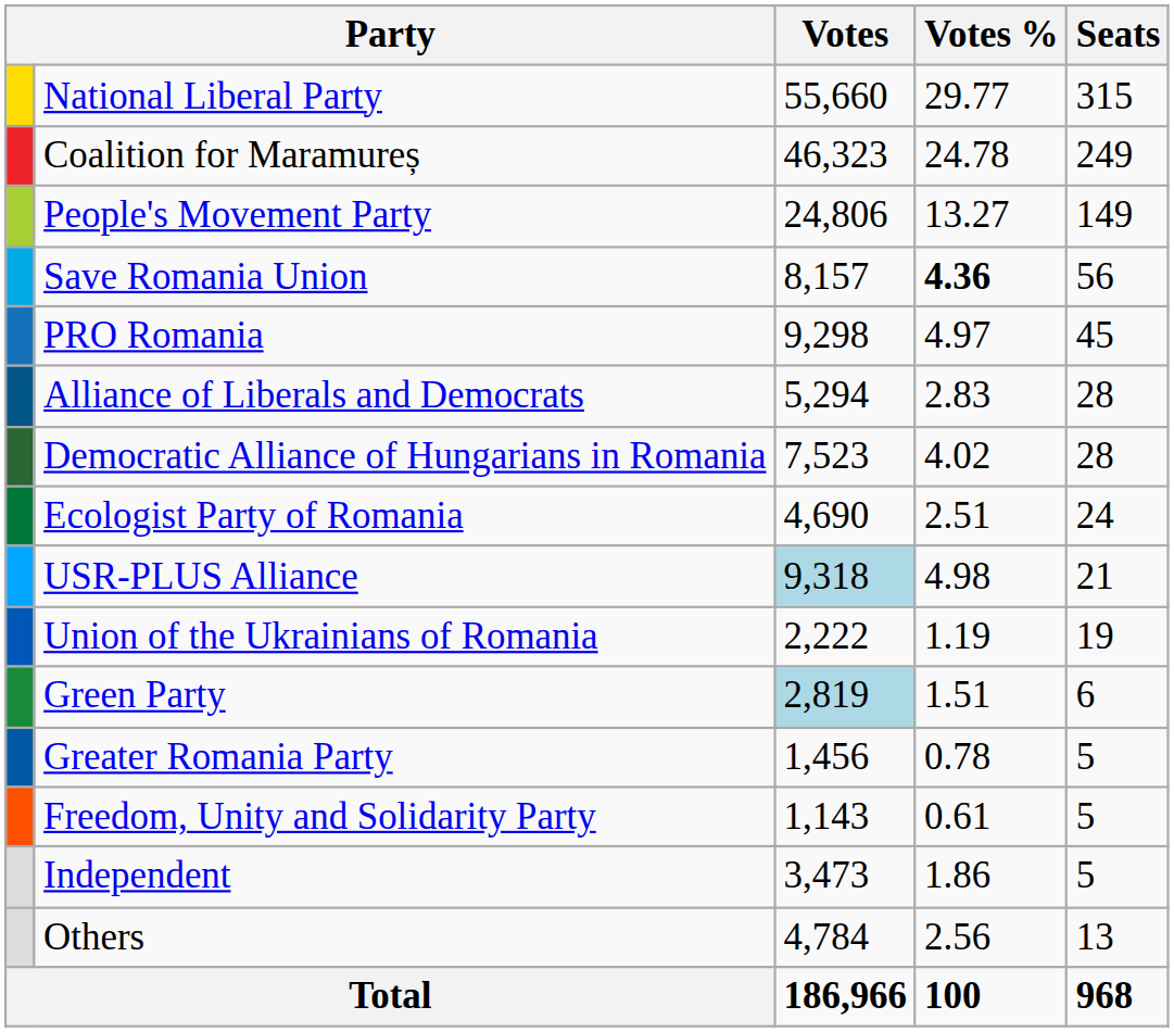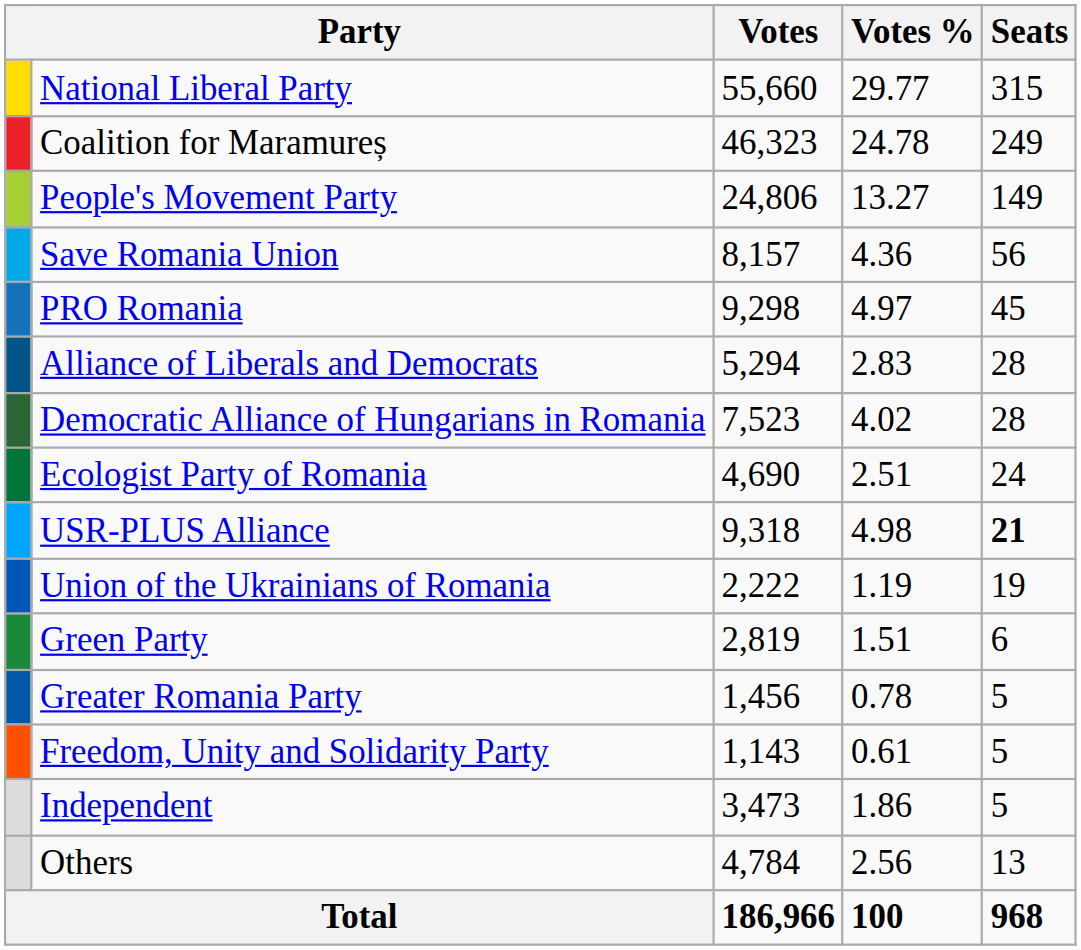 <table class="wikitable">
 <tr>
 <th colspan="2">Party</th>
 <th>Votes</th>
 <th>Votes %</th>
 <th>Seats</th>
 </tr>
 <tr>
 <td style="background:#ffdd00;" width="5"></td>
 <td><a href='#'>National Liberal Party</a></td>
 <td>55,660</td>
 <td>29.77</td>
 <td>315</td>
 </tr>
 <tr>
 <td style="background:#ed2128;" width="5"></td>
 <td>Coalition for Maramureș</td>
 <td>46,323</td>
 <td>24.78</td>
 <td>249</td>
 </tr>
 <tr>
 <td style="background:#a7cf35;" width="5"></td>
 <td><a href='#'>People's Movement Party</a></td>
 <td>24,806</td>
 <td>13.27</td>
 <td>149</td>
 </tr>
 <tr>
 <td style="background:#00aae7;" width="5"></td>
 <td><a href='#'>Save Romania Union</a></td>
 <td>8,157</td>
-<td><strong>4.36</strong></td>
+<td>4.36</td>
 <td>56</td>
 </tr>
 <tr>
 <td style="background:#1572ba;" width="5"></td>
 <td><a href='#'>PRO Romania</a></td>
 <td>9,298</td>
 <td>4.97</td>
 <td>45</td>
 </tr>
 <tr>
 <td style="background:#005487;" width="5"></td>
 <td><a href='#'>Alliance of Liberals and Democrats</a></td>
 <td>5,294</td>
 <td>2.83</td>
 <td>28</td>
 </tr>
 <tr>
 <td style="background:#296633;" width="5"></td>
 <td><a href='#'>Democratic Alliance of Hungarians in Romania</a></td>
 <td>7,523</td>
 <td>4.02</td>
 <td>28</td>
 </tr>
 <tr>
 <td style="background:#00753a;" width="5"></td>
 <td><a href='#'>Ecologist Party of Romania</a></td>
 <td>4,690</td>
 <td>2.51</td>
 <td>24</td>
 </tr>
 <tr>
 <td style="background:#00a6ff;" width="5"></td>
 <td><a href='#'>USR-PLUS Alliance</a></td>
-<td style="background: lightblue;">9,318</td>
+<td>9,318</td>
 <td>4.98</td>
-<td>21</td>
+<td><strong>21</strong></td>
 </tr>
 <tr>
 <td style="background:#0057b7;" width="5"></td>
 <td><a href='#'>Union of the Ukrainians of Romania</a></td>
 <td>2,222</td>
 <td>1.19</td>
 <td>19</td>
 </tr>
 <tr>
 <td style="background:#198a3a;" width="5"></td>
 <td><a href='#'>Green Party</a></td>
-<td style="background: lightblue;">2,819</td>
+<td>2,819</td>
 <td>1.51</td>
 <td>6</td>
 </tr>
 <tr>
 <td style="background:#0258a4;" width="5"></td>
 <td><a href='#'>Greater Romania Party</a></td>
 <td>1,456</td>
 <td>0.78</td>
 <td>5</td>
 </tr>
 <tr>
 <td style="background:#ff5000;" width="5"></td>
 <td><a href='#'>Freedom, Unity and Solidarity Party</a></td>
 <td>1,143</td>
 <td>0.61</td>
 <td>5</td>
 </tr>
 <tr>
 <td style="background:#dcdcdc;" width="5"></td>
 <td><a href='#'>Independent</a></td>
 <td>3,473</td>
 <td>1.86</td>
 <td>5</td>
 </tr>
 <tr>
 <td style="background:#dcdcdc;" width="5"></td>
 <td>Others</td>
 <td>4,784</td>
 <td>2.56</td>
 <td>13</td>
 </tr>
 <tr>
 <th colspan="2">Total</th>
 <td><strong>186,966</strong></td>
 <td><strong>100</strong></td>
 <td><strong>968</strong></td>
 </tr>
 </table>
